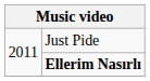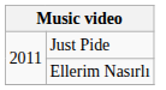 <table class="wikitable">
 <tr>
 <th colspan="2">Music video</th>
 </tr>
 <tr>
 <td rowspan="2">2011</td>
 <td>Just Pide</td>
 </tr>
 <tr>
-<td><strong>Ellerim Nasırlı</strong></td>
+<td>Ellerim Nasırlı</td>
 </tr>
 <tr>
 </tr>
 </table>
